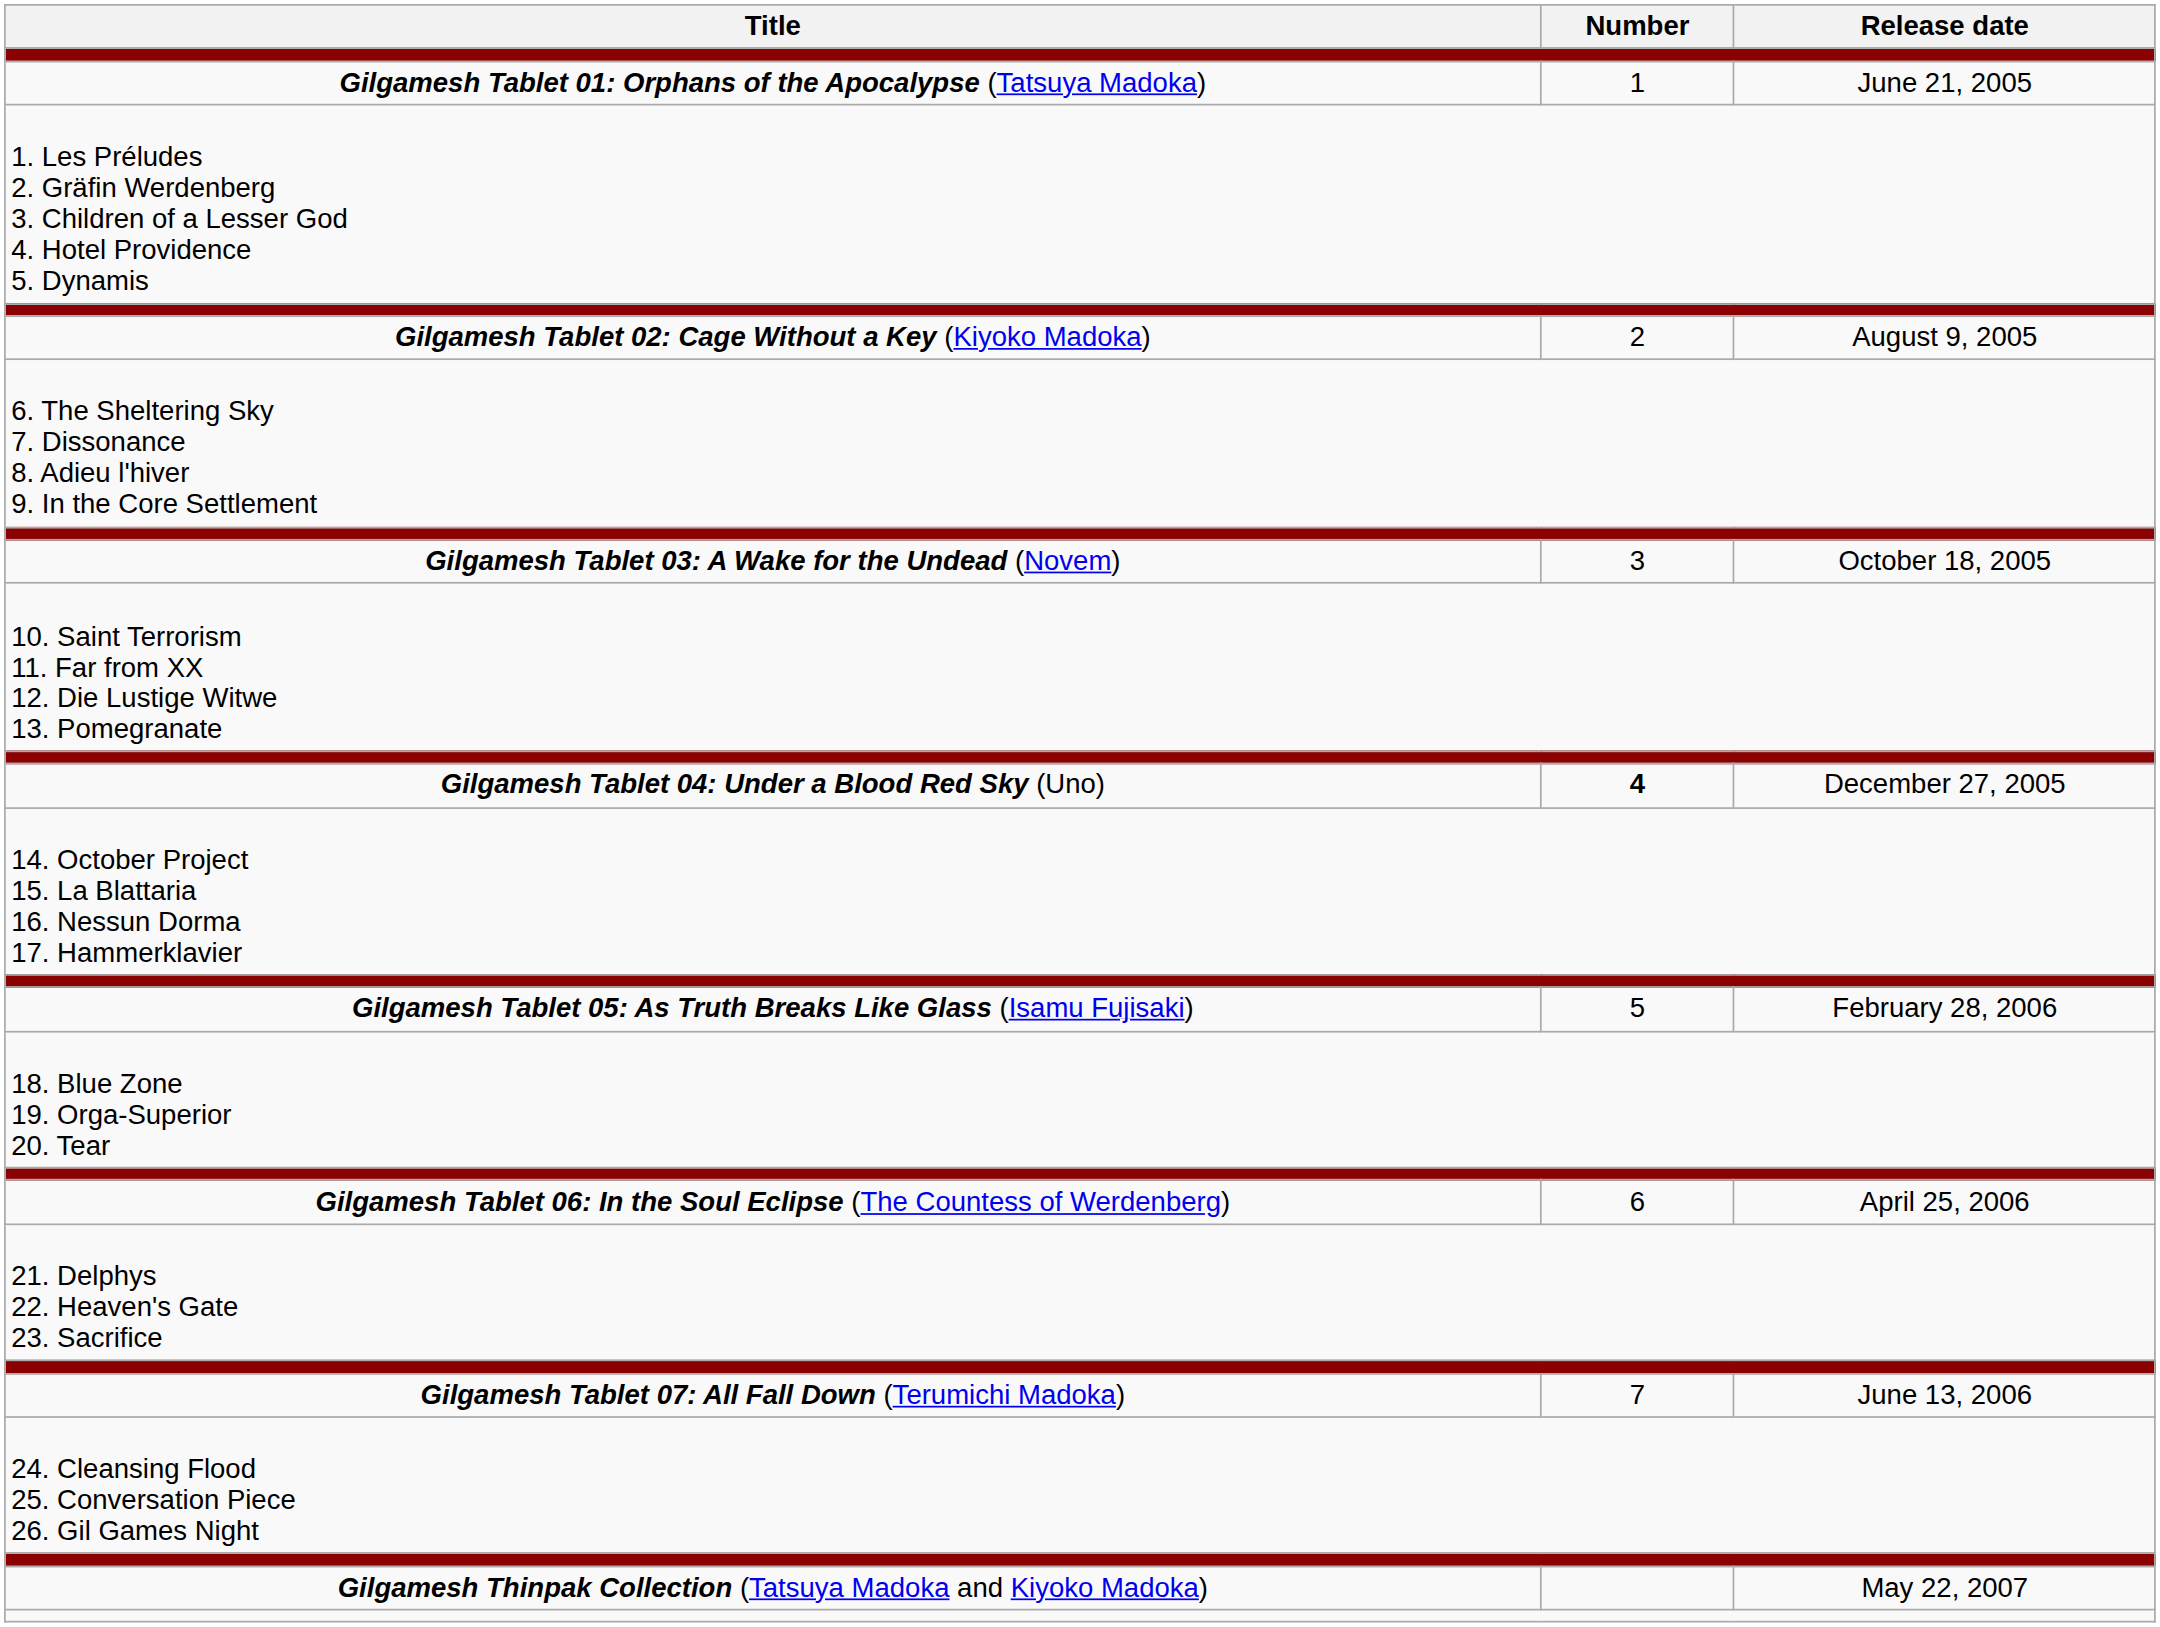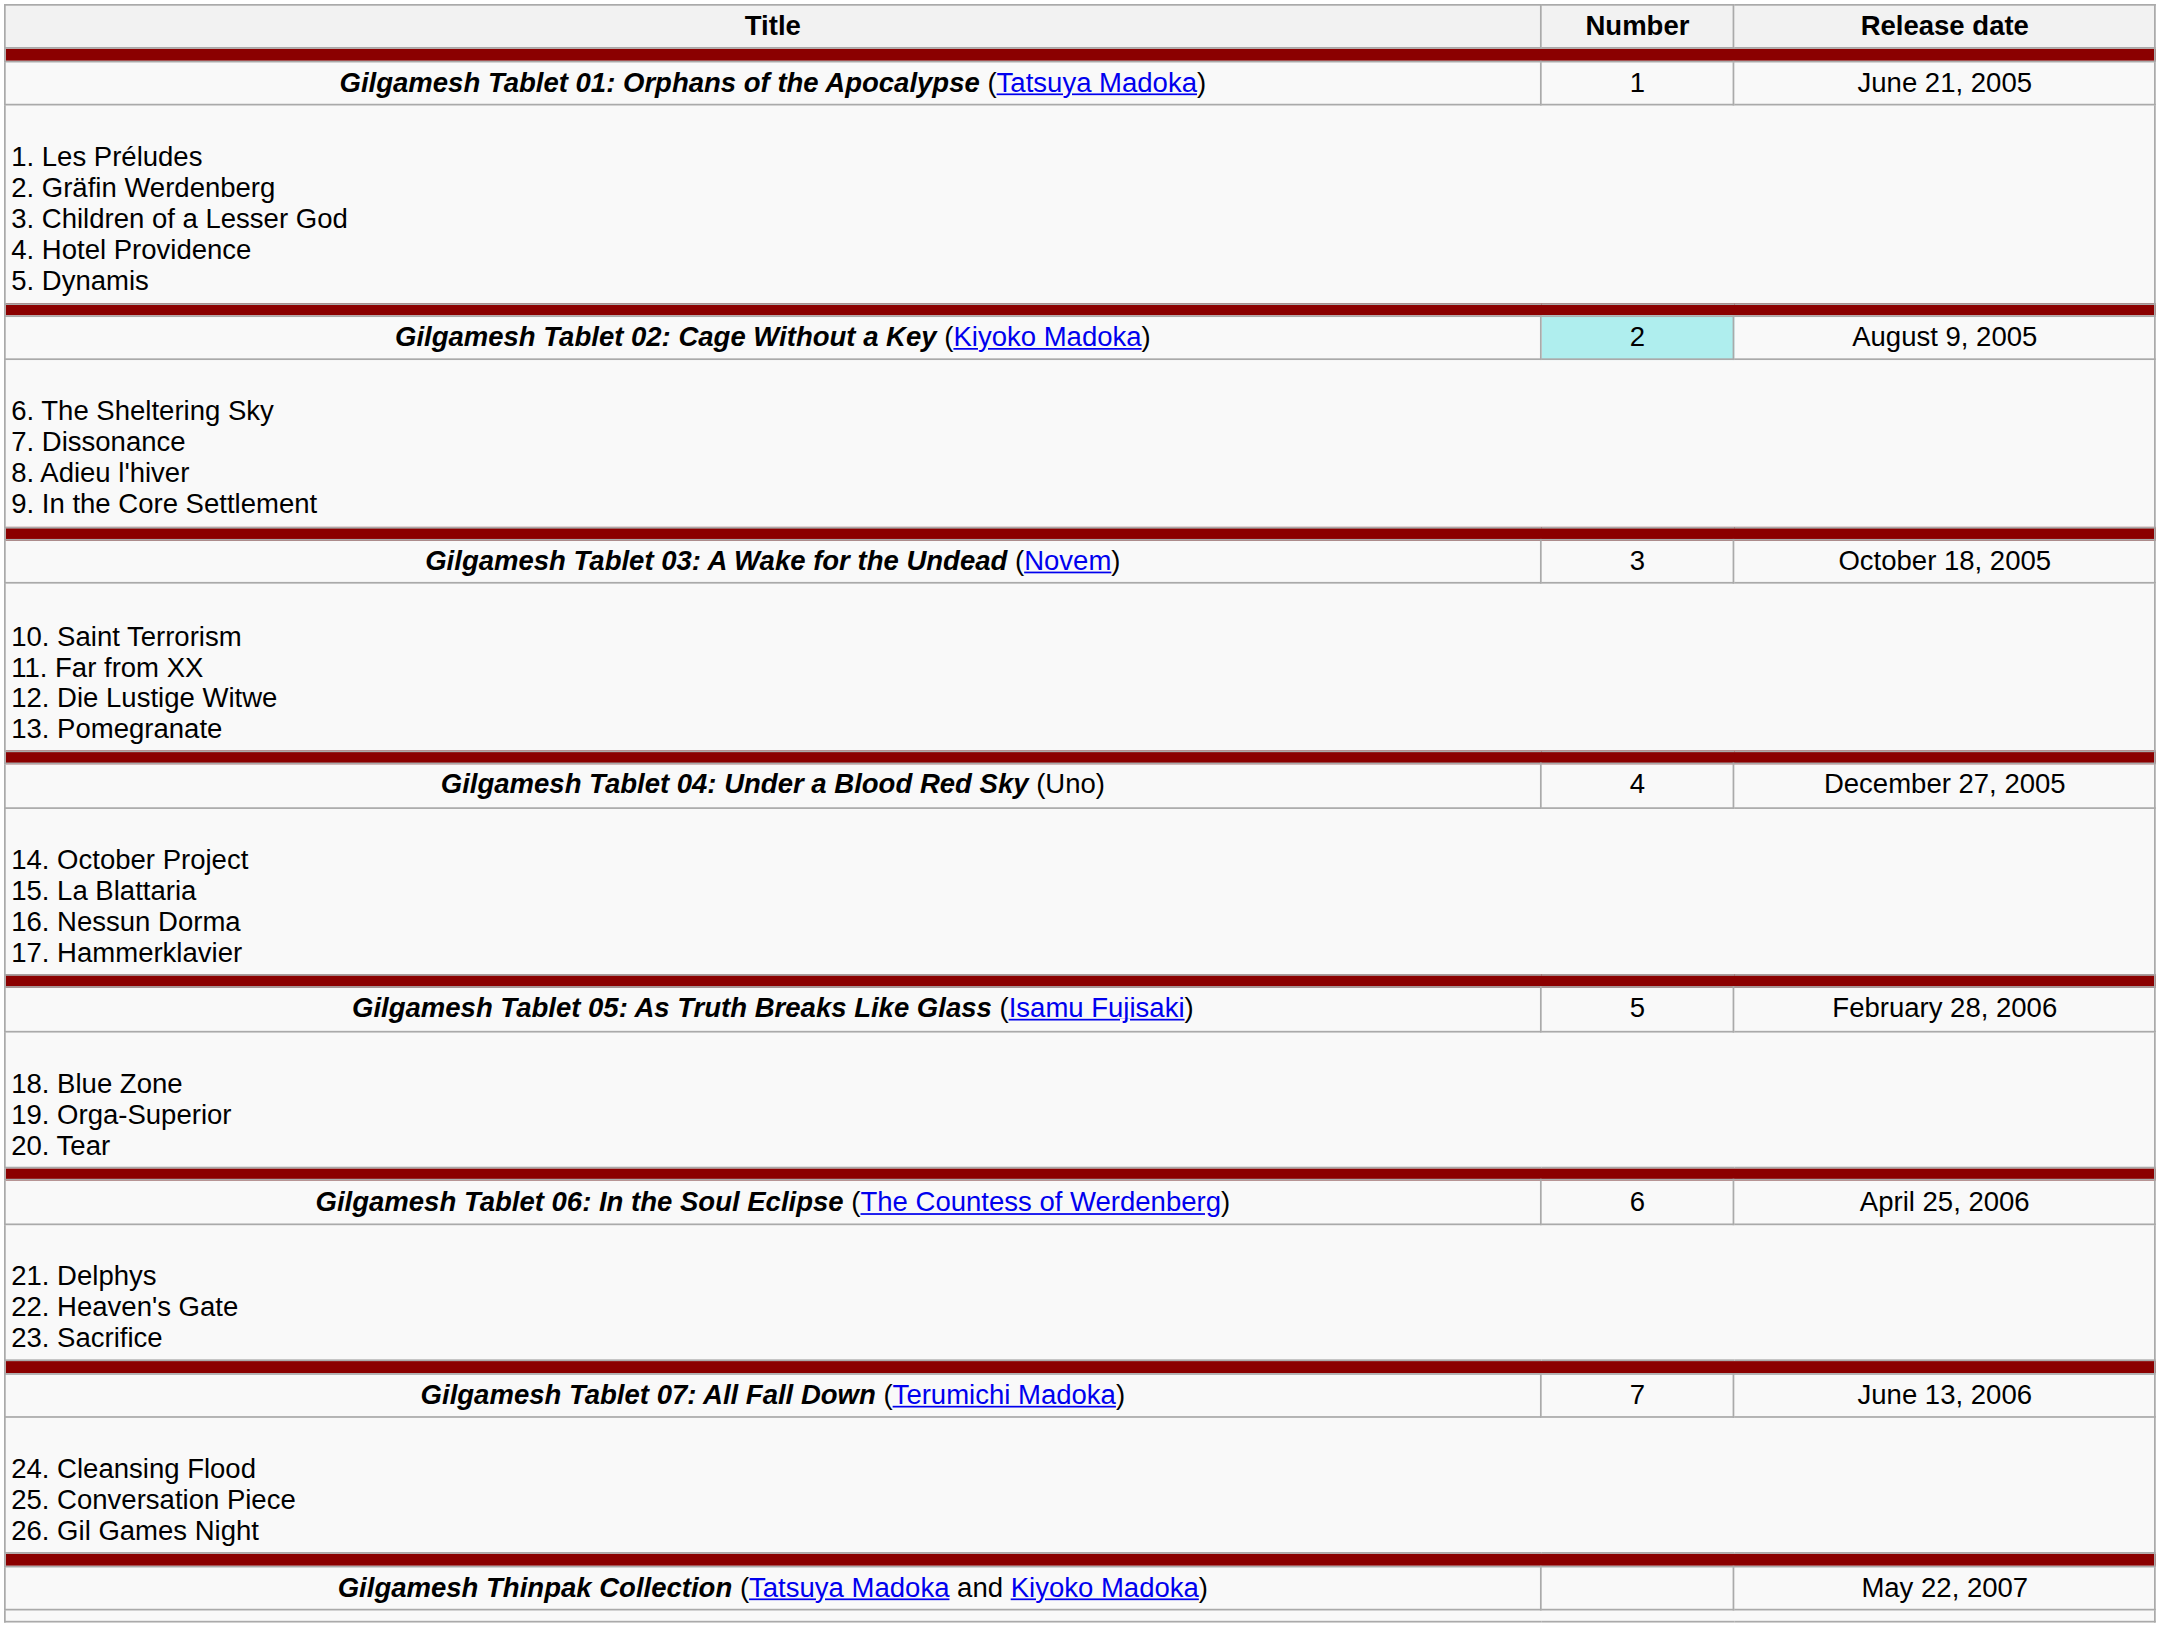 <table class="wikitable" width="99%">
 <tr style="text-align: center;">
 <th>Title</th>
 <th>Number</th>
 <th>Release date</th>
 </tr>
 <tr>
 <td colspan="4" bgcolor="darkred"></td>
 </tr>
 <tr style="text-align: center;">
 <td><strong><em>Gilgamesh Tablet 01: Orphans of the Apocalypse</em></strong> (<a href='#'>Tatsuya Madoka</a>)</td>
 <td>1</td>
 <td>June 21, 2005</td>
 </tr>
 <tr>
 <td colspan="3"><br>1. Les Préludes<br> 2. Gräfin Werdenberg<br> 3. Children of a Lesser God<br> 4. Hotel Providence<br> 5. Dynamis</td>
 </tr>
 <tr>
 <td colspan="4" bgcolor="darkred"></td>
 </tr>
 <tr style="text-align: center;">
 <td><strong><em>Gilgamesh Tablet 02: Cage Without a Key</em></strong> (<a href='#'>Kiyoko Madoka</a>)</td>
-<td>2</td>
+<td style="background: paleturquoise;">2</td>
 <td>August 9, 2005</td>
 </tr>
 <tr>
 <td colspan="3"><br>6. The Sheltering Sky<br> 7. Dissonance<br> 8. Adieu l'hiver<br> 9. In the Core Settlement</td>
 </tr>
 <tr>
 <td colspan="4" bgcolor="darkred"></td>
 </tr>
 <tr style="text-align: center;">
 <td><strong><em>Gilgamesh Tablet 03: A Wake for the Undead</em></strong> (<a href='#'>Novem</a>)</td>
 <td>3</td>
 <td>October 18, 2005</td>
 </tr>
 <tr>
 <td colspan="3"><br>10. Saint Terrorism<br> 11. Far from XX<br> 12. Die Lustige Witwe<br> 13. Pomegranate</td>
 </tr>
 <tr>
 <td colspan="4" bgcolor="darkred"></td>
 </tr>
 <tr style="text-align: center;">
 <td><strong><em>Gilgamesh Tablet 04: Under a Blood Red Sky</em></strong> (Uno)</td>
-<td><strong>4</strong></td>
+<td>4</td>
 <td>December 27, 2005</td>
 </tr>
 <tr>
 <td colspan="3"><br>14. October Project<br> 15. La Blattaria<br> 16. Nessun Dorma<br> 17. Hammerklavier</td>
 </tr>
 <tr>
 <td colspan="4" bgcolor="darkred"></td>
 </tr>
 <tr style="text-align: center;">
 <td><strong><em>Gilgamesh Tablet 05: As Truth Breaks Like Glass</em></strong> (<a href='#'>Isamu Fujisaki</a>)</td>
 <td>5</td>
 <td>February 28, 2006</td>
 </tr>
 <tr>
 <td colspan="3"><br>18. Blue Zone<br> 19. Orga-Superior<br> 20. Tear</td>
 </tr>
 <tr>
 <td colspan="4" bgcolor="darkred"></td>
 </tr>
 <tr style="text-align: center;">
 <td><strong><em>Gilgamesh Tablet 06: In the Soul Eclipse</em></strong> (<a href='#'>The Countess of Werdenberg</a>)</td>
 <td>6</td>
 <td>April 25, 2006</td>
 </tr>
 <tr>
 <td colspan="3"><br>21. Delphys<br> 22. Heaven's Gate<br> 23. Sacrifice</td>
 </tr>
 <tr>
 <td colspan="4" bgcolor="darkred"></td>
 </tr>
 <tr style="text-align: center;">
 <td><strong><em>Gilgamesh Tablet 07: All Fall Down</em></strong> (<a href='#'>Terumichi Madoka</a>)</td>
 <td>7</td>
 <td>June 13, 2006</td>
 </tr>
 <tr>
 <td colspan="3"><br>24. Cleansing Flood<br> 25. Conversation Piece<br> 26. Gil Games Night</td>
 </tr>
 <tr>
 <td colspan="4" bgcolor="darkred"></td>
 </tr>
 <tr style="text-align: center;">
 <td><strong><em>Gilgamesh Thinpak Collection</em></strong> (<a href='#'>Tatsuya Madoka</a> and <a href='#'>Kiyoko Madoka</a>)</td>
 <td></td>
 <td>May 22, 2007</td>
 </tr>
 <tr>
 <td colspan="3"></td>
 </tr>
 </table>
